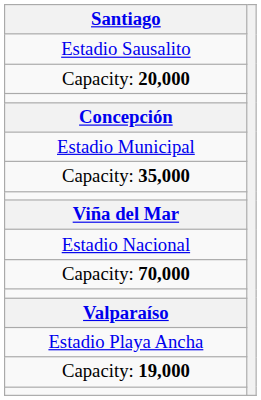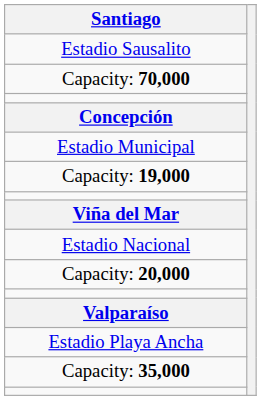 <table class="wikitable" style="text-align:center">
 <tr>
 <th width=200><a href='#'>Santiago</a></th>
 <th rowspan=16><br></th>
 </tr>
 <tr>
 <td><a href='#'>Estadio Sausalito</a></td>
 </tr>
 <tr>
-<td>Capacity: <strong>20,000</strong></td>
+<td>Capacity: <strong>70,000</strong></td>
 </tr>
 <tr>
 <td></td>
 </tr>
 <tr>
 <th><a href='#'>Concepción</a></th>
 </tr>
 <tr>
 <td><a href='#'>Estadio Municipal</a></td>
 </tr>
 <tr>
-<td>Capacity: <strong>35,000</strong></td>
+<td>Capacity: <strong>19,000</strong></td>
 </tr>
 <tr>
 <td></td>
 </tr>
 <tr>
 <th><a href='#'>Viña del Mar</a></th>
 </tr>
 <tr>
 <td><a href='#'>Estadio Nacional</a></td>
 </tr>
 <tr>
-<td>Capacity: <strong>70,000</strong></td>
+<td>Capacity: <strong>20,000</strong></td>
 </tr>
 <tr>
 <td></td>
 </tr>
 <tr>
 <th><a href='#'>Valparaíso</a></th>
 </tr>
 <tr>
 <td><a href='#'>Estadio Playa Ancha</a></td>
 </tr>
 <tr>
-<td>Capacity: <strong>19,000</strong></td>
+<td>Capacity: <strong>35,000</strong></td>
 </tr>
 <tr>
 <td></td>
 </tr>
 </table>
